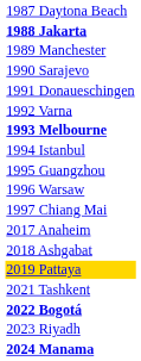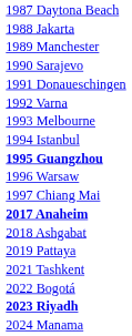 <table>
 <tr>
 <td><a href='#'>1987 Daytona Beach</a></td>
 <td></td>
 <td></td>
 <td></td>
 </tr>
 <tr>
-<td><strong><a href='#'>1988 Jakarta</a></strong></td>
+<td><a href='#'>1988 Jakarta</a></td>
 <td></td>
 <td></td>
 <td></td>
 </tr>
 <tr>
 <td><a href='#'>1989 Manchester</a></td>
 <td></td>
 <td></td>
 <td></td>
 </tr>
 <tr>
 <td><a href='#'>1990 Sarajevo</a></td>
 <td></td>
 <td></td>
 <td></td>
 </tr>
 <tr>
 <td><a href='#'>1991 Donaueschingen</a></td>
 <td></td>
 <td></td>
 <td></td>
 </tr>
 <tr>
 <td><a href='#'>1992 Varna</a></td>
 <td></td>
 <td></td>
 <td></td>
 </tr>
 <tr>
-<td><strong><a href='#'>1993 Melbourne</a></strong></td>
+<td><a href='#'>1993 Melbourne</a></td>
 <td></td>
 <td></td>
 <td></td>
 </tr>
 <tr>
 <td><a href='#'>1994 Istanbul</a></td>
 <td></td>
 <td></td>
 <td></td>
 </tr>
 <tr>
-<td><a href='#'>1995 Guangzhou</a></td>
+<td><strong><a href='#'>1995 Guangzhou</a></strong></td>
 <td></td>
 <td></td>
 <td></td>
 </tr>
 <tr>
 <td><a href='#'>1996 Warsaw</a></td>
 <td></td>
 <td></td>
 <td></td>
 </tr>
 <tr>
 <td><a href='#'>1997 Chiang Mai</a></td>
 <td></td>
 <td></td>
 <td></td>
 </tr>
 <tr>
-<td><a href='#'>2017 Anaheim</a></td>
+<td><strong><a href='#'>2017 Anaheim</a></strong></td>
 <td></td>
 <td></td>
 <td></td>
 </tr>
 <tr>
 <td><a href='#'>2018 Ashgabat</a></td>
 <td></td>
 <td></td>
 <td></td>
 </tr>
 <tr>
-<td style="background: gold;"><a href='#'>2019 Pattaya</a></td>
+<td><a href='#'>2019 Pattaya</a></td>
 <td></td>
 <td></td>
 <td></td>
 </tr>
 <tr>
 <td><a href='#'>2021 Tashkent</a></td>
 <td></td>
 <td></td>
 <td></td>
 </tr>
 <tr>
-<td><strong><a href='#'>2022 Bogotá</a></strong></td>
+<td><a href='#'>2022 Bogotá</a></td>
 <td></td>
 <td></td>
 <td></td>
 </tr>
 <tr>
-<td><a href='#'>2023 Riyadh</a></td>
+<td><strong><a href='#'>2023 Riyadh</a></strong></td>
 <td></td>
 <td></td>
 <td></td>
 </tr>
 <tr>
-<td><strong><a href='#'>2024 Manama</a></strong></td>
+<td><a href='#'>2024 Manama</a></td>
 <td></td>
 <td></td>
 <td></td>
 </tr>
 </table>
